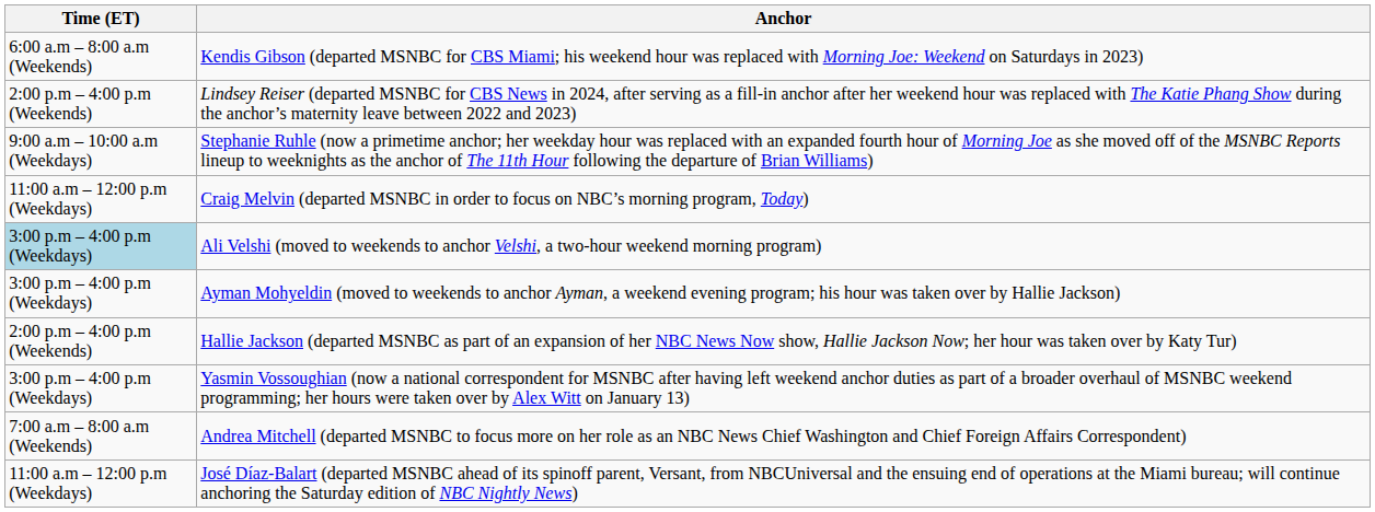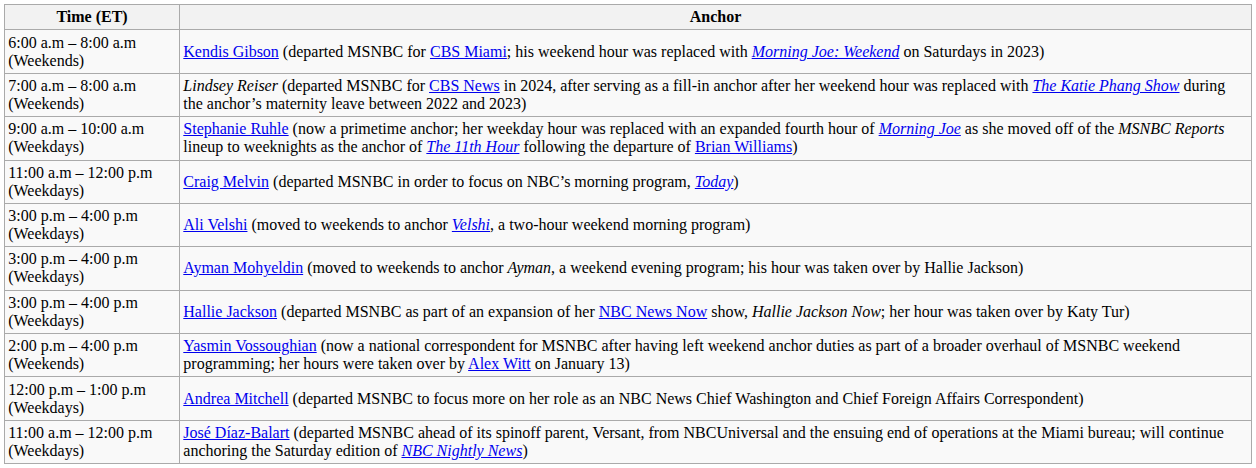 <table class="wikitable">
 <tr>
 <th>Time (ET)</th>
 <th>Anchor</th>
 </tr>
 <tr>
 <td>6:00 a.m – 8:00 a.m (Weekends)</td>
 <td><a href='#'>Kendis Gibson</a> (departed MSNBC for <a href='#'>CBS Miami</a>; his weekend hour was replaced with <a href='#'><em>Morning Joe: Weekend</em></a> on Saturdays in 2023)</td>
 </tr>
 <tr>
-<td>2:00 p.m – 4:00 p.m<br>(Weekends)</td>
+<td>7:00 a.m – 8:00 a.m<br>(Weekends)</td>
 <td><em>Lindsey Reiser</em> (departed MSNBC for <a href='#'>CBS News</a> in 2024, after serving as a fill-in anchor after her weekend hour was replaced with <em><a href='#'>The Katie Phang Show</a></em> during the anchor’s maternity leave between 2022 and 2023)</td>
 </tr>
 <tr>
 <td>9:00 a.m – 10:00 a.m (Weekdays)</td>
 <td><a href='#'>Stephanie Ruhle</a> (now a primetime anchor; her weekday hour was replaced with an expanded fourth hour of <em><a href='#'>Morning Joe</a></em> as she moved off of the <em>MSNBC Reports</em> lineup to weeknights as the anchor of <em><a href='#'>The 11th Hour</a></em> following the departure of <a href='#'>Brian Williams</a>)</td>
 </tr>
 <tr>
 <td>11:00 a.m – 12:00 p.m (Weekdays)</td>
 <td><a href='#'>Craig Melvin</a> (departed MSNBC in order to focus on NBC’s morning program, <a href='#'><em>Today</em></a>)</td>
 </tr>
 <tr>
-<td style="background: lightblue;">3:00 p.m  – 4:00 p.m (Weekdays)</td>
+<td>3:00 p.m  – 4:00 p.m (Weekdays)</td>
 <td><a href='#'>Ali Velshi</a> (moved to weekends to anchor <a href='#'><em>Velshi</em></a>, a two-hour weekend morning program)</td>
 </tr>
 <tr>
 <td>3:00 p.m  – 4:00 p.m (Weekdays)</td>
 <td><a href='#'>Ayman Mohyeldin</a> (moved to weekends to anchor <em>Ayman</em>, a weekend evening program; his hour was taken over by Hallie Jackson)</td>
 </tr>
 <tr>
-<td>2:00 p.m – 4:00 p.m<br>(Weekends)</td>
+<td>3:00 p.m  – 4:00 p.m (Weekdays)</td>
 <td><a href='#'>Hallie Jackson</a> (departed MSNBC as part of an expansion of her <a href='#'>NBC News Now</a> show, <em>Hallie Jackson Now</em>; her hour was taken over by Katy Tur)</td>
 </tr>
 <tr>
-<td>3:00 p.m  – 4:00 p.m (Weekdays)</td>
+<td>2:00 p.m – 4:00 p.m<br>(Weekends)</td>
 <td><a href='#'>Yasmin Vossoughian</a> (now a national correspondent for MSNBC after having left weekend anchor duties as part of a broader overhaul of MSNBC weekend programming; her hours were taken over by <a href='#'>Alex Witt</a> on January 13)</td>
 </tr>
 <tr>
-<td>7:00 a.m – 8:00 a.m<br>(Weekends)</td>
+<td>12:00 p.m – 1:00 p.m<br>(Weekdays)</td>
 <td><a href='#'>Andrea Mitchell</a> (departed MSNBC to focus more on her role as an NBC News Chief Washington and Chief Foreign Affairs Correspondent)</td>
 </tr>
 <tr>
 <td>11:00 a.m – 12:00 p.m<br>(Weekdays)</td>
 <td><a href='#'>José Díaz-Balart</a> (departed MSNBC ahead of its spinoff parent, Versant, from NBCUniversal and the ensuing end of operations at the Miami bureau; will continue anchoring the Saturday edition of <a href='#'><em>NBC Nightly News</em></a>)</td>
 </tr>
 </table>
